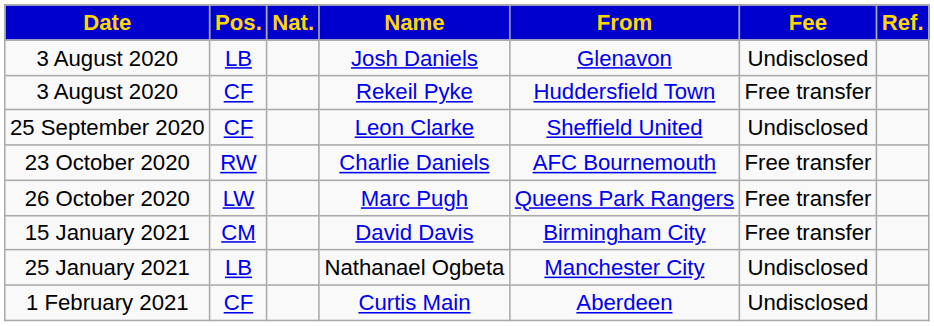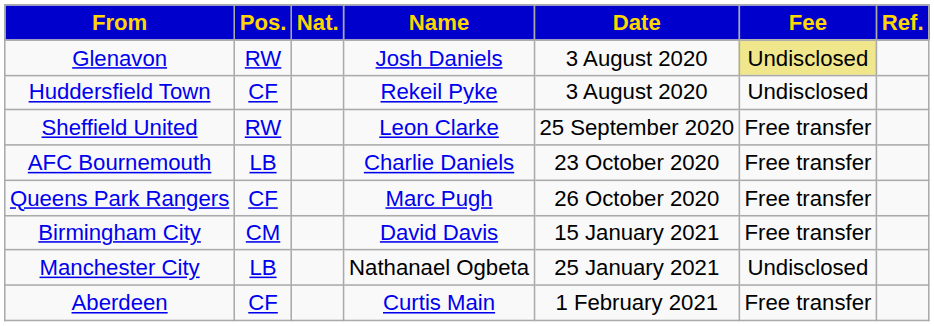 <table class="wikitable"  style="text-align:center; font-size:90%; ">
 <tr>
-<th style="background:mediumblue;color:gold;">Date</th>
+<th style="background:mediumblue;color:gold;">From</th>
 <th style="background:mediumblue;color:gold;">Pos.</th>
 <th style="background:mediumblue;color:gold;">Nat.</th>
 <th style="background:mediumblue;color:gold;">Name</th>
-<th style="background:mediumblue;color:gold;">From</th>
+<th style="background:mediumblue;color:gold;">Date</th>
 <th style="background:mediumblue;color:gold;">Fee</th>
 <th style="background:mediumblue;color:gold;">Ref.</th>
 </tr>
 <tr>
-<td>3 August 2020</td>
-<td><a href='#'>LB</a></td>
+<td> <a href='#'>Glenavon</a></td>
+<td><a href='#'>RW</a></td>
 <td></td>
 <td><a href='#'>Josh Daniels</a></td>
-<td> <a href='#'>Glenavon</a></td>
+<td>3 August 2020</td>
+<td style="background: khaki;">Undisclosed</td>
+<td></td>
+</tr>
+<tr>
+<td> <a href='#'>Huddersfield Town</a></td>
+<td><a href='#'>CF</a></td>
+<td></td>
+<td><a href='#'>Rekeil Pyke</a></td>
+<td>3 August 2020</td>
 <td>Undisclosed</td>
 <td></td>
 </tr>
 <tr>
-<td>3 August 2020</td>
-<td><a href='#'>CF</a></td>
+<td> <a href='#'>Sheffield United</a></td>
+<td><a href='#'>RW</a></td>
 <td></td>
-<td><a href='#'>Rekeil Pyke</a></td>
-<td> <a href='#'>Huddersfield Town</a></td>
+<td><a href='#'>Leon Clarke</a></td>
+<td>25 September 2020</td>
 <td>Free transfer</td>
 <td></td>
 </tr>
 <tr>
-<td>25 September 2020</td>
+<td> <a href='#'>AFC Bournemouth</a></td>
+<td><a href='#'>LB</a></td>
+<td></td>
+<td><a href='#'>Charlie Daniels</a></td>
+<td>23 October 2020</td>
+<td>Free transfer</td>
+<td></td>
+</tr>
+<tr>
+<td> <a href='#'>Queens Park Rangers</a></td>
 <td><a href='#'>CF</a></td>
 <td></td>
-<td><a href='#'>Leon Clarke</a></td>
-<td> <a href='#'>Sheffield United</a></td>
+<td><a href='#'>Marc Pugh</a></td>
+<td>26 October 2020</td>
+<td>Free transfer</td>
+<td></td>
+</tr>
+<tr>
+<td> <a href='#'>Birmingham City</a></td>
+<td><a href='#'>CM</a></td>
+<td></td>
+<td><a href='#'>David Davis</a></td>
+<td>15 January 2021</td>
+<td>Free transfer</td>
+<td></td>
+</tr>
+<tr>
+<td> <a href='#'>Manchester City</a></td>
+<td><a href='#'>LB</a></td>
+<td></td>
+<td>Nathanael Ogbeta</td>
+<td>25 January 2021</td>
 <td>Undisclosed</td>
 <td></td>
 </tr>
 <tr>
-<td>23 October 2020</td>
-<td><a href='#'>RW</a></td>
+<td> <a href='#'>Aberdeen</a></td>
+<td><a href='#'>CF</a></td>
 <td></td>
-<td><a href='#'>Charlie Daniels</a></td>
-<td> <a href='#'>AFC Bournemouth</a></td>
+<td><a href='#'>Curtis Main</a></td>
+<td>1 February 2021</td>
 <td>Free transfer</td>
 <td></td>
 </tr>
-<tr>
-<td>26 October 2020</td>
-<td><a href='#'>LW</a></td>
-<td></td>
-<td><a href='#'>Marc Pugh</a></td>
-<td> <a href='#'>Queens Park Rangers</a></td>
-<td>Free transfer</td>
-<td></td>
-</tr>
-<tr>
-<td>15 January 2021</td>
-<td><a href='#'>CM</a></td>
-<td></td>
-<td><a href='#'>David Davis</a></td>
-<td> <a href='#'>Birmingham City</a></td>
-<td>Free transfer</td>
-<td></td>
-</tr>
-<tr>
-<td>25 January 2021</td>
-<td><a href='#'>LB</a></td>
-<td></td>
-<td>Nathanael Ogbeta</td>
-<td> <a href='#'>Manchester City</a></td>
-<td>Undisclosed</td>
-<td></td>
-</tr>
-<tr>
-<td>1 February 2021</td>
-<td><a href='#'>CF</a></td>
-<td></td>
-<td><a href='#'>Curtis Main</a></td>
-<td> <a href='#'>Aberdeen</a></td>
-<td>Undisclosed</td>
-<td></td>
-</tr>
 </table>
